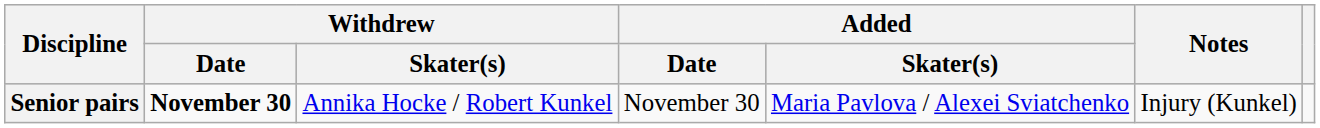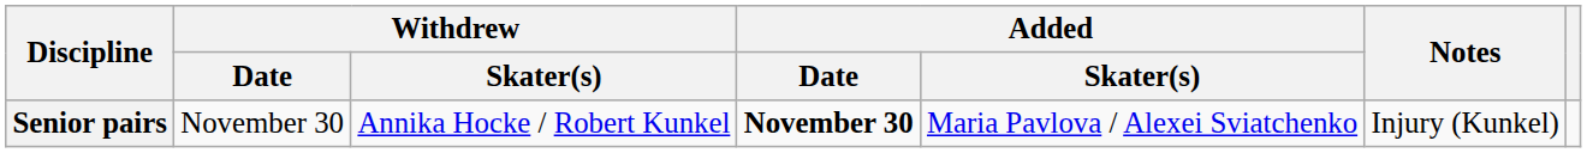 <table class="wikitable unsortable">
 <tr>
 <th scope="col" rowspan=2>Discipline</th>
 <th scope="col" colspan=2>Withdrew</th>
 <th scope="col" colspan=2>Added</th>
 <th scope="col" rowspan=2>Notes</th>
 <th scope="col" rowspan=2></th>
 </tr>
 <tr>
 <th>Date</th>
 <th>Skater(s)</th>
 <th>Date</th>
 <th>Skater(s)</th>
 </tr>
 <tr>
 <th scope="row" style="text-align:left">Senior pairs</th>
+<td>November 30</td>
+<td> <a href='#'>Annika Hocke</a> / <a href='#'>Robert Kunkel</a></td>
 <td><strong>November 30</strong></td>
-<td> <a href='#'>Annika Hocke</a> / <a href='#'>Robert Kunkel</a></td>
-<td>November 30</td>
 <td> <a href='#'>Maria Pavlova</a> / <a href='#'>Alexei Sviatchenko</a></td>
 <td>Injury (Kunkel)</td>
 <td></td>
 </tr>
 </table>
